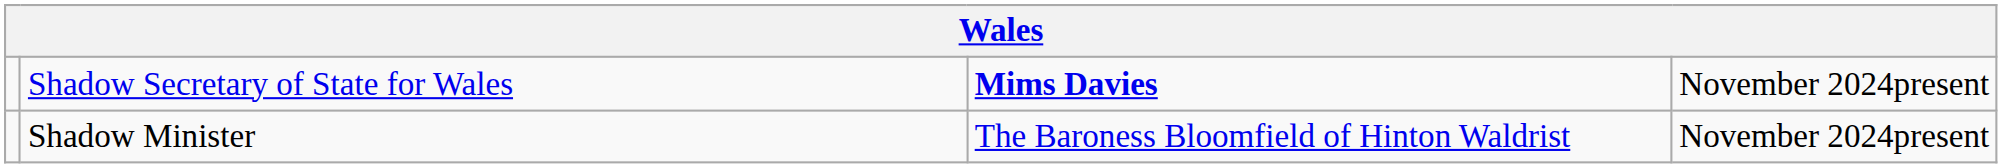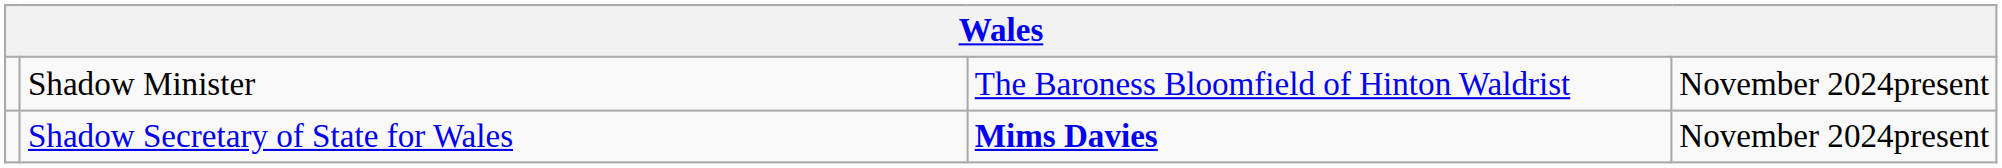 <table class="wikitable">
 <tr>
 <th colspan="4"><a href='#'>Wales</a></th>
+</tr>
+<tr>
+<td style="background: "></td>
+<td>Shadow Minister</td>
+<td><a href='#'>The Baroness Bloomfield of Hinton Waldrist</a></td>
+<td>November 2024present</td>
 </tr>
 <tr>
 <td style="background: "></td>
 <td style="width: 450px;"><a href='#'>Shadow Secretary of State for Wales</a></td>
 <td style="width: 333px;"><strong><a href='#'>Mims Davies</a></strong></td>
 <td>November 2024present</td>
 </tr>
-<tr>
-<td style="background: "></td>
-<td>Shadow Minister</td>
-<td><a href='#'>The Baroness Bloomfield of Hinton Waldrist</a></td>
-<td>November 2024present</td>
-</tr>
 </table>
